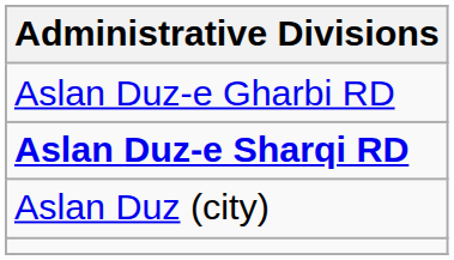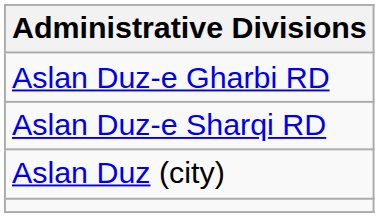 <table class="wikitable">
 <tr>
 <th>Administrative Divisions</th>
 </tr>
 <tr>
 <td><a href='#'>Aslan Duz-e Gharbi RD</a></td>
 </tr>
 <tr>
-<td><strong><a href='#'>Aslan Duz-e Sharqi RD</a></strong></td>
+<td><a href='#'>Aslan Duz-e Sharqi RD</a></td>
 </tr>
 <tr>
 <td><a href='#'>Aslan Duz</a> (city)</td>
 </tr>
 <tr>
 <td colspan=1></td>
 </tr>
 </table>
